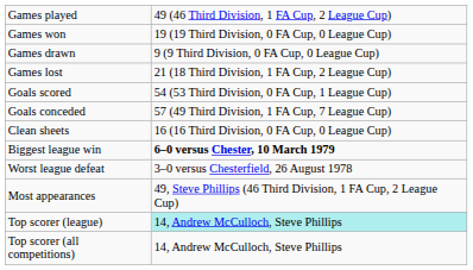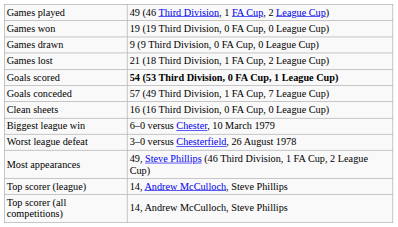 <table class="wikitable">
 <tr>
 <td>Games played</td>
 <td>49 (46 <a href='#'>Third Division</a>, 1 <a href='#'>FA Cup</a>, 2 <a href='#'>League Cup</a>)</td>
 </tr>
 <tr>
 <td>Games won</td>
 <td>19 (19 Third Division, 0 FA Cup, 0 League Cup)</td>
 </tr>
 <tr>
 <td>Games drawn</td>
 <td>9 (9 Third Division, 0 FA Cup, 0 League Cup)</td>
 </tr>
 <tr>
 <td>Games lost</td>
 <td>21 (18 Third Division, 1 FA Cup, 2 League Cup)</td>
 </tr>
 <tr>
 <td>Goals scored</td>
-<td>54 (53 Third Division, 0 FA Cup, 1 League Cup)</td>
+<td><strong>54 (53 Third Division, 0 FA Cup, 1 League Cup)</strong></td>
 </tr>
 <tr>
 <td>Goals conceded</td>
 <td>57 (49 Third Division, 1 FA Cup, 7 League Cup)</td>
 </tr>
 <tr>
 <td>Clean sheets</td>
 <td>16 (16 Third Division, 0 FA Cup, 0 League Cup)</td>
 </tr>
 <tr>
 <td>Biggest league win</td>
-<td><strong>6–0 versus <a href='#'>Chester</a>, 10 March 1979</strong></td>
+<td>6–0 versus <a href='#'>Chester</a>, 10 March 1979</td>
 </tr>
 <tr>
 <td>Worst league defeat</td>
 <td>3–0 versus <a href='#'>Chesterfield</a>, 26 August 1978</td>
 </tr>
 <tr>
 <td>Most appearances</td>
 <td>49, <a href='#'>Steve Phillips</a> (46 Third Division, 1 FA Cup, 2 League Cup)</td>
 </tr>
 <tr>
 <td>Top scorer (league)</td>
-<td style="background: paleturquoise;">14, <a href='#'>Andrew McCulloch</a>, Steve Phillips</td>
+<td>14, <a href='#'>Andrew McCulloch</a>, Steve Phillips</td>
 </tr>
 <tr>
 <td>Top scorer (all competitions)</td>
 <td>14, Andrew McCulloch, Steve Phillips</td>
 </tr>
 </table>
